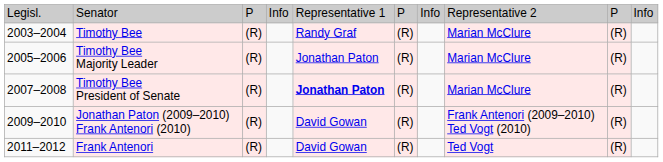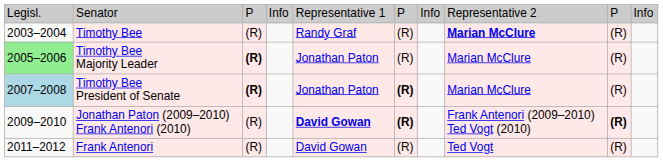 <table class=wikitable width="100%" border="1">
 <tr style="background-color:#cccccc;">
 <td>Legisl.</td>
 <td>Senator</td>
 <td>P</td>
 <td>Info</td>
 <td>Representative 1</td>
 <td>P</td>
 <td>Info</td>
 <td>Representative 2</td>
 <td>P</td>
 <td>Info</td>
 </tr>
 <tr>
 <td>2003–2004</td>
 <td style="background:#FFE8E8"><a href='#'>Timothy Bee</a></td>
 <td style="background:#FFE8E8">(R)</td>
 <td></td>
 <td style="background:#FFE8E8"><a href='#'>Randy Graf</a></td>
 <td style="background:#FFE8E8">(R)</td>
 <td></td>
-<td style="background:#FFE8E8"><a href='#'>Marian McClure</a></td>
+<td style="background:#FFE8E8"><strong><a href='#'>Marian McClure</a></strong></td>
 <td style="background:#FFE8E8">(R)</td>
 <td></td>
 </tr>
 <tr>
-<td>2005–2006</td>
+<td style="background: lightgreen;">2005–2006</td>
 <td style="background:#FFE8E8"><a href='#'>Timothy Bee</a> <br>Majority Leader</td>
-<td style="background:#FFE8E8">(R)</td>
+<td style="background:#FFE8E8"><strong>(R)</strong></td>
 <td></td>
 <td style="background:#FFE8E8"><a href='#'>Jonathan Paton</a></td>
 <td style="background:#FFE8E8">(R)</td>
 <td></td>
 <td style="background:#FFE8E8"><a href='#'>Marian McClure</a></td>
 <td style="background:#FFE8E8">(R)</td>
 <td></td>
 </tr>
 <tr>
-<td>2007–2008</td>
+<td style="background: lightblue;">2007–2008</td>
 <td style="background:#FFE8E8"><a href='#'>Timothy Bee</a><br>President of Senate</td>
-<td style="background:#FFE8E8">(R)</td>
+<td style="background:#FFE8E8"><strong>(R)</strong></td>
 <td></td>
-<td style="background:#FFE8E8"><strong><a href='#'>Jonathan Paton</a></strong></td>
-<td style="background:#FFE8E8">(R)</td>
+<td style="background:#FFE8E8"><a href='#'>Jonathan Paton</a></td>
+<td style="background:#FFE8E8"><strong>(R)</strong></td>
 <td></td>
 <td style="background:#FFE8E8"><a href='#'>Marian McClure</a></td>
 <td style="background:#FFE8E8">(R)</td>
 <td></td>
 </tr>
 <tr>
 <td>2009–2010</td>
 <td style="background:#FFE8E8"><a href='#'>Jonathan Paton</a> (2009–2010)<br><a href='#'>Frank Antenori</a> (2010)</td>
 <td style="background:#FFE8E8">(R)</td>
 <td></td>
-<td style="background:#FFE8E8"><a href='#'>David Gowan</a></td>
-<td style="background:#FFE8E8">(R)</td>
+<td style="background:#FFE8E8"><strong><a href='#'>David Gowan</a></strong></td>
+<td style="background:#FFE8E8"><strong>(R)</strong></td>
 <td></td>
 <td style="background:#FFE8E8"><a href='#'>Frank Antenori</a> (2009–2010)<br><a href='#'>Ted Vogt</a> (2010)</td>
-<td style="background:#FFE8E8">(R)</td>
+<td style="background:#FFE8E8"><strong>(R)</strong></td>
 <td></td>
 </tr>
 <tr>
 <td>2011–2012</td>
 <td style="background:#FFE8E8"><a href='#'>Frank Antenori</a></td>
 <td style="background:#FFE8E8">(R)</td>
 <td></td>
 <td style="background:#FFE8E8"><a href='#'>David Gowan</a></td>
 <td style="background:#FFE8E8">(R)</td>
 <td></td>
 <td style="background:#FFE8E8"><a href='#'>Ted Vogt</a></td>
 <td style="background:#FFE8E8">(R)</td>
 <td></td>
 </tr>
 </table>
